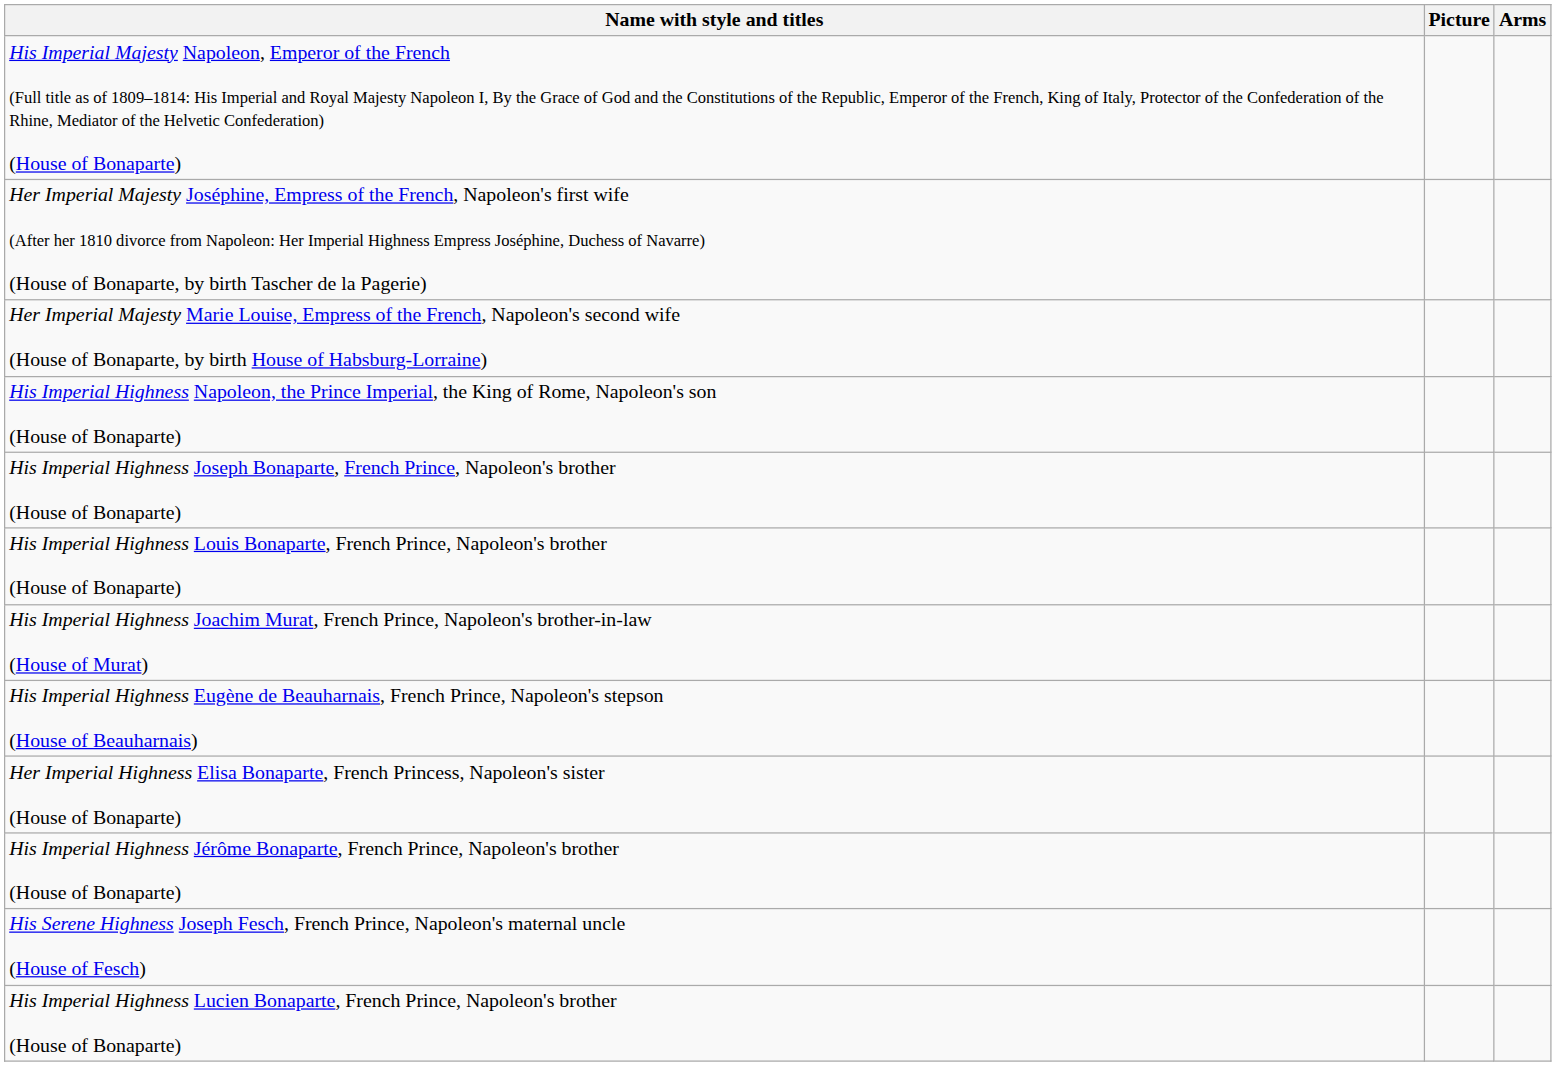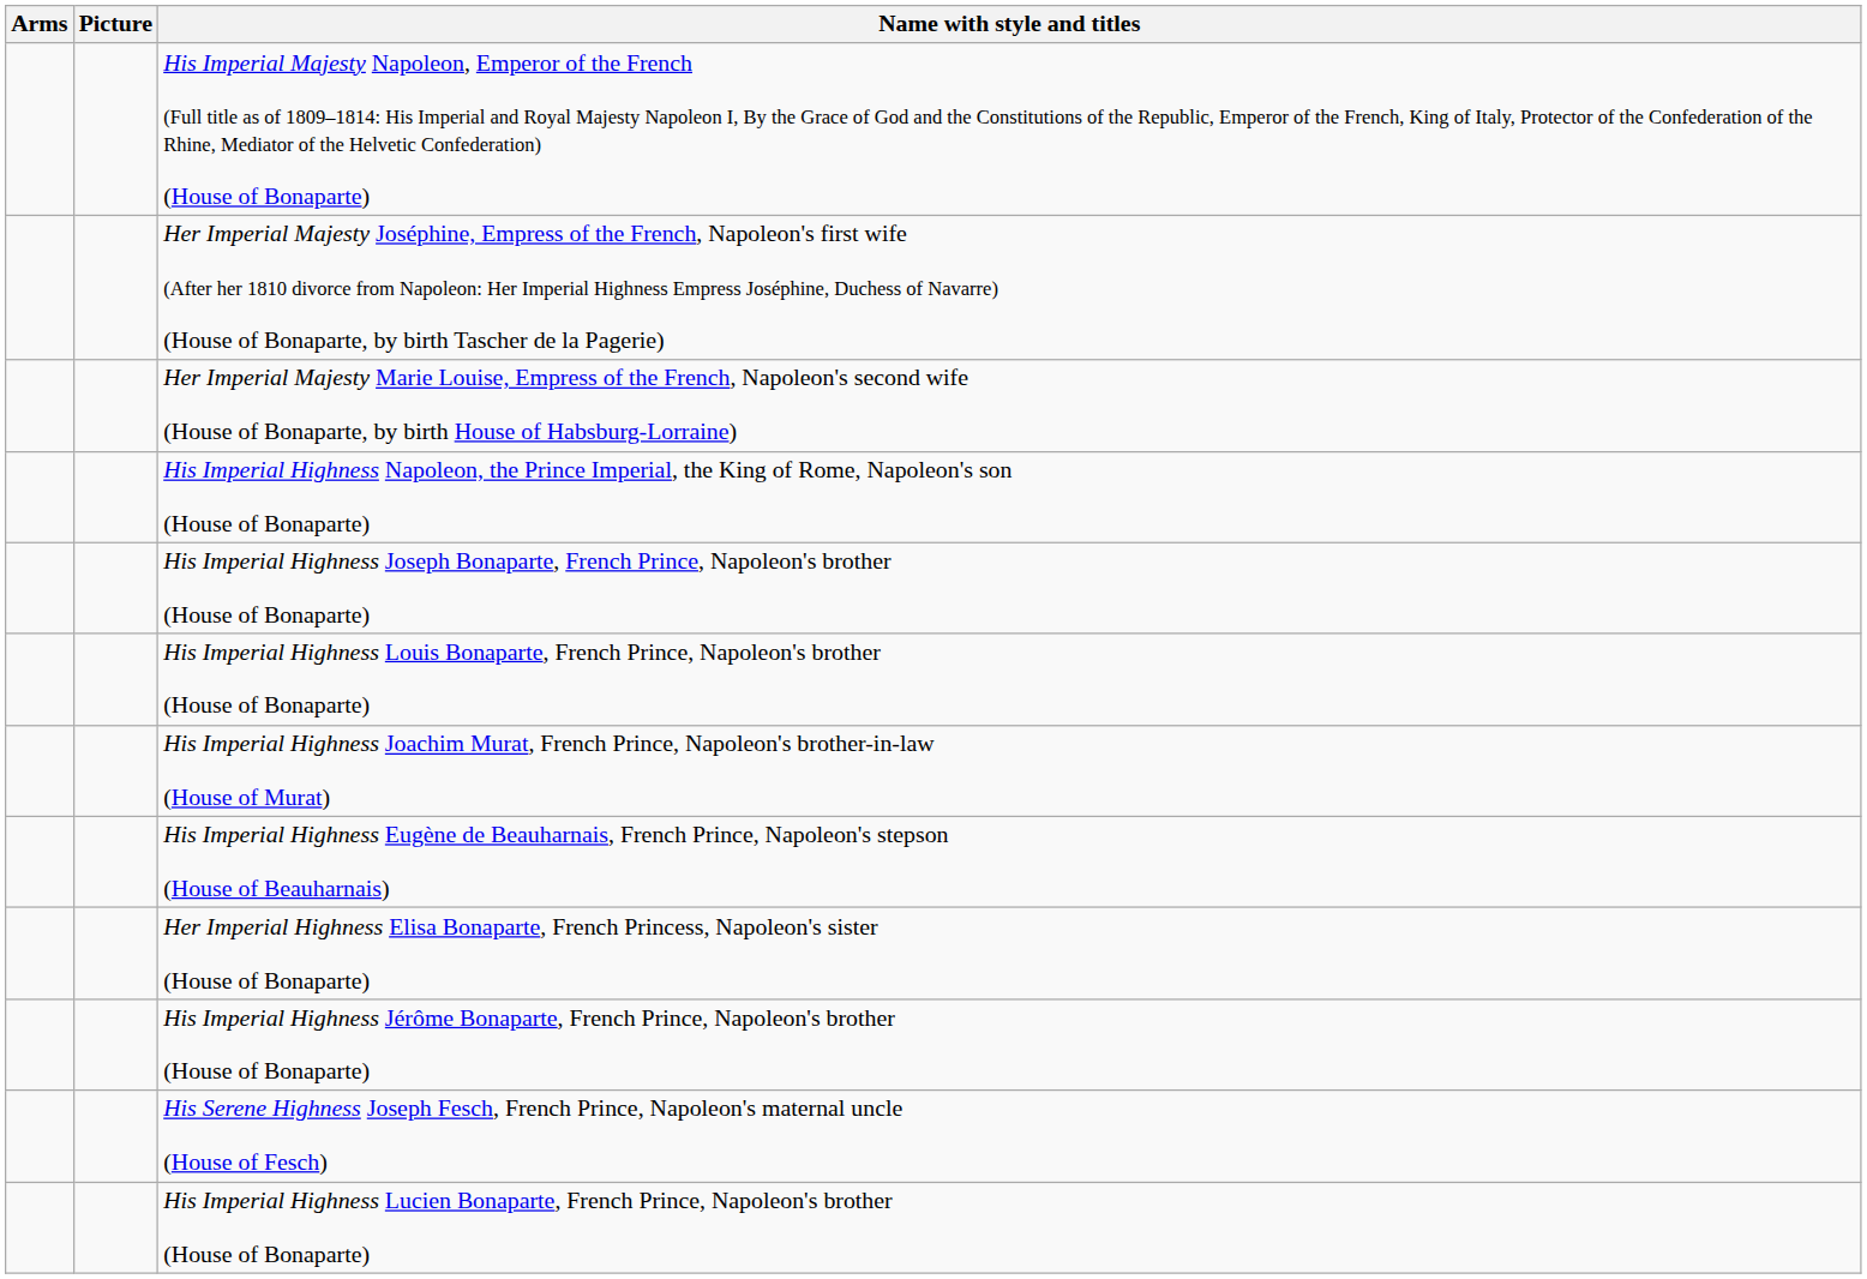 <table class="wikitable">
 <tr>
+<th>Arms</th>
+<th>Picture</th>
 <th>Name with style and titles</th>
-<th>Picture</th>
-<th>Arms</th>
 </tr>
 <tr valign="top">
-<td><em><a href='#'>His Imperial Majesty</a></em> <a href='#'>Napoleon</a>, <a href='#'>Emperor of the French</a><br><br><small>(Full title as of 1809–1814: His Imperial and Royal Majesty Napoleon I, By the Grace of God and the Constitutions of the Republic, Emperor of the French, King of Italy, Protector of the Confederation of the Rhine, Mediator of the Helvetic Confederation)</small><br><br>(<a href='#'>House of Bonaparte</a>)</td>
 <td></td>
 <td></td>
+<td><em><a href='#'>His Imperial Majesty</a></em> <a href='#'>Napoleon</a>, <a href='#'>Emperor of the French</a><br><br><small>(Full title as of 1809–1814: His Imperial and Royal Majesty Napoleon I, By the Grace of God and the Constitutions of the Republic, Emperor of the French, King of Italy, Protector of the Confederation of the Rhine, Mediator of the Helvetic Confederation)</small><br><br>(<a href='#'>House of Bonaparte</a>)</td>
 </tr>
 <tr valign="top">
-<td><em>Her Imperial Majesty</em> <a href='#'>Joséphine, Empress of the French</a>, Napoleon's first wife<br><br><small>(After her 1810 divorce from Napoleon: Her Imperial Highness Empress Joséphine, Duchess of Navarre)</small><br><br>(House of Bonaparte, by birth Tascher de la Pagerie)</td>
 <td></td>
 <td></td>
+<td><em>Her Imperial Majesty</em> <a href='#'>Joséphine, Empress of the French</a>, Napoleon's first wife<br><br><small>(After her 1810 divorce from Napoleon: Her Imperial Highness Empress Joséphine, Duchess of Navarre)</small><br><br>(House of Bonaparte, by birth Tascher de la Pagerie)</td>
 </tr>
 <tr valign="top">
-<td><em>Her Imperial Majesty</em> <a href='#'>Marie Louise, Empress of the French</a>, Napoleon's second wife<br><br>(House of Bonaparte, by birth <a href='#'>House of Habsburg-Lorraine</a>)</td>
 <td></td>
 <td></td>
+<td><em>Her Imperial Majesty</em> <a href='#'>Marie Louise, Empress of the French</a>, Napoleon's second wife<br><br>(House of Bonaparte, by birth <a href='#'>House of Habsburg-Lorraine</a>)</td>
 </tr>
 <tr valign="top">
-<td><em><a href='#'>His Imperial Highness</a></em> <a href='#'>Napoleon, the Prince Imperial</a>, the King of Rome, Napoleon's son<br><br>(House of Bonaparte)</td>
 <td></td>
 <td></td>
+<td><em><a href='#'>His Imperial Highness</a></em> <a href='#'>Napoleon, the Prince Imperial</a>, the King of Rome, Napoleon's son<br><br>(House of Bonaparte)</td>
 </tr>
 <tr valign="top">
-<td><em>His Imperial Highness</em> <a href='#'>Joseph Bonaparte</a>, <a href='#'>French Prince</a>, Napoleon's brother<br><br>(House of Bonaparte)</td>
 <td></td>
 <td></td>
+<td><em>His Imperial Highness</em> <a href='#'>Joseph Bonaparte</a>, <a href='#'>French Prince</a>, Napoleon's brother<br><br>(House of Bonaparte)</td>
 </tr>
 <tr valign="top">
-<td><em>His Imperial Highness</em> <a href='#'>Louis Bonaparte</a>, French Prince, Napoleon's brother<br><br>(House of Bonaparte)</td>
 <td></td>
 <td></td>
+<td><em>His Imperial Highness</em> <a href='#'>Louis Bonaparte</a>, French Prince, Napoleon's brother<br><br>(House of Bonaparte)</td>
 </tr>
 <tr valign="top">
-<td><em>His Imperial Highness</em> <a href='#'>Joachim Murat</a>, French Prince, Napoleon's brother-in-law<br><br>(<a href='#'>House of Murat</a>)</td>
 <td></td>
 <td></td>
+<td><em>His Imperial Highness</em> <a href='#'>Joachim Murat</a>, French Prince, Napoleon's brother-in-law<br><br>(<a href='#'>House of Murat</a>)</td>
 </tr>
 <tr valign="top">
-<td><em>His Imperial Highness</em> <a href='#'>Eugène de Beauharnais</a>, French Prince, Napoleon's stepson<br><br>(<a href='#'>House of Beauharnais</a>)</td>
 <td></td>
 <td></td>
+<td><em>His Imperial Highness</em> <a href='#'>Eugène de Beauharnais</a>, French Prince, Napoleon's stepson<br><br>(<a href='#'>House of Beauharnais</a>)</td>
 </tr>
 <tr valign="top">
-<td><em>Her Imperial Highness</em> <a href='#'>Elisa Bonaparte</a>, French Princess, Napoleon's sister<br><br>(House of Bonaparte)</td>
 <td></td>
 <td></td>
+<td><em>Her Imperial Highness</em> <a href='#'>Elisa Bonaparte</a>, French Princess, Napoleon's sister<br><br>(House of Bonaparte)</td>
 </tr>
 <tr valign="top">
-<td><em>His Imperial Highness</em> <a href='#'>Jérôme Bonaparte</a>, French Prince, Napoleon's brother<br><br>(House of Bonaparte)</td>
 <td></td>
 <td></td>
+<td><em>His Imperial Highness</em> <a href='#'>Jérôme Bonaparte</a>, French Prince, Napoleon's brother<br><br>(House of Bonaparte)</td>
 </tr>
 <tr valign="top">
-<td><em><a href='#'>His Serene Highness</a></em> <a href='#'>Joseph Fesch</a>, French Prince, Napoleon's maternal uncle<br><br>(<a href='#'>House of Fesch</a>)</td>
 <td></td>
 <td></td>
+<td><em><a href='#'>His Serene Highness</a></em> <a href='#'>Joseph Fesch</a>, French Prince, Napoleon's maternal uncle<br><br>(<a href='#'>House of Fesch</a>)</td>
 </tr>
 <tr valign="top">
-<td><em>His Imperial Highness</em> <a href='#'>Lucien Bonaparte</a>, French Prince, Napoleon's brother<br><br>(House of Bonaparte)</td>
 <td></td>
 <td></td>
+<td><em>His Imperial Highness</em> <a href='#'>Lucien Bonaparte</a>, French Prince, Napoleon's brother<br><br>(House of Bonaparte)</td>
 </tr>
 </table>
